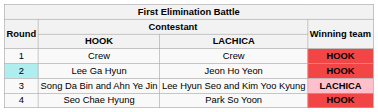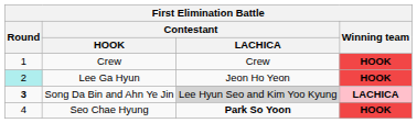 <table class="wikitable mw-collapsible mw-collapsed"  style="text-align:center; font-size:90%">
 <tr>
 <th colspan="4">First Elimination Battle</th>
 </tr>
 <tr>
 <th rowspan="2">Round</th>
 <th colspan="2">Contestant</th>
 <th rowspan="2">Winning team</th>
 </tr>
 <tr>
 <th>HOOK</th>
 <th>LACHICA</th>
 </tr>
 <tr>
 <td>1</td>
 <td>Crew</td>
 <td>Crew</td>
 <td style="background:#F24646"><strong>HOOK</strong></td>
 </tr>
 <tr>
 <td style="background: paleturquoise;">2</td>
 <td>Lee Ga Hyun</td>
 <td>Jeon Ho Yeon</td>
 <td style="background:#F24646"><strong>HOOK</strong></td>
 </tr>
 <tr>
-<td>3</td>
+<td><strong>3</strong></td>
 <td>Song Da Bin and Ahn Ye Jin</td>
-<td>Lee Hyun Seo and Kim Yoo Kyung</td>
+<td style="background: lightgrey;">Lee Hyun Seo and Kim Yoo Kyung</td>
 <td style="background:pink"><strong>LACHICA</strong></td>
 </tr>
 <tr>
 <td>4</td>
 <td>Seo Chae Hyung</td>
-<td>Park So Yoon</td>
+<td><strong>Park So Yoon</strong></td>
 <td style="background:#F24646"><strong>HOOK</strong></td>
 </tr>
 </table>
